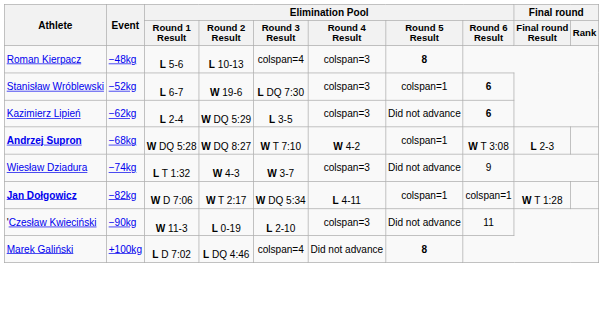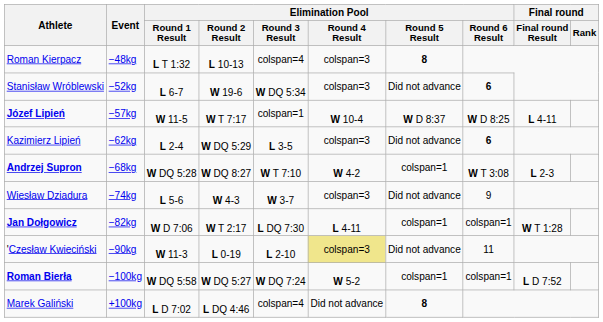 <table class="wikitable" style="font-size:90%">
 <tr>
 <th rowspan="2">Athlete</th>
 <th rowspan="2">Event</th>
 <th colspan=6>Elimination Pool</th>
 <th colspan=2>Final round</th>
 </tr>
 <tr style="font-size: 95%">
 <th>Round 1<br>Result</th>
 <th>Round 2<br>Result</th>
 <th>Round 3<br>Result</th>
 <th>Round 4<br>Result</th>
 <th>Round 5<br>Result</th>
 <th>Round 6<br>Result</th>
 <th>Final round<br>Result</th>
 <th>Rank</th>
 </tr>
 <tr align=center>
 <td align=left><a href='#'>Roman Kierpacz</a></td>
 <td align=left><a href='#'>−48kg</a></td>
-<td><br><strong>L</strong> 5-6</td>
+<td><br><strong>L</strong> T 1:32</td>
 <td><br><strong>L</strong> 10-13</td>
 <td>colspan=4 </td>
 <td>colspan=3 </td>
 <td><strong>8</strong></td>
 </tr>
 <tr align=center>
 <td align=left><a href='#'>Stanisław Wróblewski</a></td>
 <td align=left><a href='#'>−52kg</a></td>
 <td><br><strong>L</strong> 6-7</td>
 <td><br><strong>W</strong> 19-6</td>
-<td><br><strong>L</strong> DQ 7:30</td>
+<td><br><strong>W</strong> DQ 5:34</td>
 <td>colspan=3 </td>
+<td>Did not advance</td>
+<td><strong>6</strong></td>
+</tr>
+<tr align=center>
+<td align=left><strong><a href='#'>Józef Lipień</a></strong></td>
+<td align=left><a href='#'>−57kg</a></td>
+<td><br><strong>W</strong> 11-5</td>
+<td><br><strong>W</strong> T 7:17</td>
 <td>colspan=1 </td>
-<td><strong>6</strong></td>
+<td><br><strong>W</strong> 10-4</td>
+<td><br><strong>W</strong> D 8:37</td>
+<td><br><strong>W</strong> D 8:25</td>
+<td><br><strong>L</strong> 4-11</td>
+<td></td>
 </tr>
 <tr align=center>
 <td align=left><a href='#'>Kazimierz Lipień</a></td>
 <td align=left><a href='#'>−62kg</a></td>
 <td><br><strong>L</strong> 2-4</td>
 <td><br><strong>W</strong> DQ 5:29</td>
 <td><br><strong>L</strong> 3-5</td>
 <td>colspan=3 </td>
 <td>Did not advance</td>
 <td><strong>6</strong></td>
 </tr>
 <tr align=center>
 <td align=left><strong><a href='#'>Andrzej Supron</a></strong></td>
 <td align=left><a href='#'>−68kg</a></td>
 <td><br><strong>W</strong> DQ 5:28</td>
 <td><br><strong>W</strong> DQ 8:27</td>
 <td><br><strong>W</strong> T 7:10</td>
 <td><br><strong>W</strong> 4-2</td>
 <td>colspan=1 </td>
 <td><br><strong>W</strong> T 3:08</td>
 <td><br><strong>L</strong> 2-3</td>
 <td></td>
 </tr>
 <tr align=center>
 <td align=left><a href='#'>Wiesław Dziadura</a></td>
 <td align=left><a href='#'>−74kg</a></td>
-<td><br><strong>L</strong> T 1:32</td>
+<td><br><strong>L</strong> 5-6</td>
 <td><br><strong>W</strong> 4-3</td>
 <td><br><strong>W</strong> 3-7</td>
 <td>colspan=3 </td>
 <td>Did not advance</td>
 <td>9</td>
 </tr>
 <tr align=center>
 <td align=left><strong><a href='#'>Jan Dołgowicz</a></strong></td>
 <td align=left><a href='#'>−82kg</a></td>
 <td><br><strong>W</strong> D 7:06</td>
 <td><br><strong>W</strong> T 2:17</td>
-<td><br><strong>W</strong> DQ 5:34</td>
+<td><br><strong>L</strong> DQ 7:30</td>
 <td><br><strong>L</strong> 4-11</td>
 <td>colspan=1 </td>
 <td>colspan=1 </td>
 <td><br><strong>W</strong> T 1:28</td>
 <td></td>
 </tr>
 <tr align=center>
 <td align=left>'<a href='#'>Czesław Kwieciński</a></td>
 <td align=left><a href='#'>−90kg</a></td>
 <td><br><strong>W</strong> 11-3</td>
 <td><br><strong>L</strong> 0-19</td>
 <td><br><strong>L</strong> 2-10</td>
-<td>colspan=3 </td>
+<td style="background: khaki;">colspan=3 </td>
 <td>Did not advance</td>
 <td>11</td>
+</tr>
+<tr align=center>
+<td align=left><strong><a href='#'>Roman Bierła</a></strong></td>
+<td align=left><a href='#'>−100kg</a></td>
+<td><br><strong>W</strong> DQ 5:58</td>
+<td><br><strong>W</strong> DQ 5:27</td>
+<td><br><strong>W</strong> DQ 7:24</td>
+<td><br><strong>W</strong> 5-2</td>
+<td>colspan=1 </td>
+<td>colspan=1 </td>
+<td><br><strong>L</strong> D 7:52</td>
+<td></td>
 </tr>
 <tr align=center>
 <td align=left><a href='#'>Marek Galiński</a></td>
 <td align=left><a href='#'>+100kg</a></td>
 <td><br><strong>L</strong> D 7:02</td>
 <td><br><strong>L</strong> DQ 4:46</td>
 <td>colspan=4 </td>
 <td>Did not advance</td>
 <td><strong>8</strong></td>
 </tr>
 </table>
